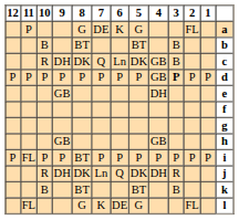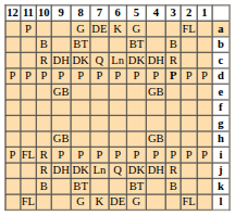 <table style="background:#ffdead; float:right; clear:right; margin-left:1em;" border="1" cellspacing="0">
 <tr style="background:white;">
 <th style="width:17px">12</th>
 <th ! style="width:17px">11</th>
 <th style="width:17px">10</th>
 <th style="width:17px">9</th>
 <th style="width:17px">8</th>
 <th style="width:17px">7</th>
 <th style="width:17px">6</th>
 <th style="width:17px">5</th>
 <th style="width:17px">4</th>
 <th style="width:17px">3</th>
 <th style="width:17px">2</th>
 <th style="width:17px">1</th>
 <th style="width:20px"></th>
 </tr>
 <tr align=center>
 <td></td>
 <td>P</td>
 <td></td>
 <td></td>
 <td>G</td>
 <td>DE</td>
 <td>K</td>
 <td>G</td>
 <td></td>
 <td></td>
 <td>FL</td>
 <td></td>
 <td style="width:15px" style="background:white;"><strong>a</strong></td>
 </tr>
 <tr align=center>
 <td></td>
 <td></td>
 <td>B</td>
 <td></td>
 <td>BT</td>
 <td></td>
 <td></td>
 <td>BT</td>
 <td></td>
 <td>B</td>
 <td></td>
 <td></td>
 <td style="background:white;"><strong>b</strong></td>
 </tr>
 <tr align=center>
 <td></td>
 <td></td>
 <td>R</td>
 <td>DH</td>
 <td>DK</td>
 <td>Q</td>
 <td>Ln</td>
 <td>DK</td>
-<td>GB</td>
-<td>B</td>
+<td>DH</td>
+<td>R</td>
 <td></td>
 <td></td>
 <td style="background:white;"><strong>c</strong></td>
 </tr>
 <tr align=center>
 <td>P</td>
 <td>P</td>
 <td>P</td>
 <td>P</td>
 <td>P</td>
 <td>P</td>
 <td>P</td>
 <td>P</td>
-<td>GB</td>
+<td>P</td>
 <td><strong>P</strong></td>
 <td>P</td>
 <td>P</td>
 <td style="background:white;"><strong>d</strong></td>
 </tr>
 <tr align=center>
 <td></td>
 <td></td>
 <td></td>
 <td>GB</td>
 <td></td>
 <td></td>
 <td></td>
 <td></td>
-<td>DH</td>
+<td>GB</td>
 <td></td>
 <td></td>
 <td></td>
 <td style="background:white;"><strong>e</strong></td>
 </tr>
 <tr align=center>
 <td></td>
 <td></td>
 <td></td>
 <td></td>
 <td></td>
 <td></td>
 <td></td>
 <td></td>
 <td></td>
 <td></td>
 <td></td>
 <td></td>
 <td style="background:white;"><strong>f</strong></td>
 </tr>
 <tr align=center>
 <td></td>
 <td></td>
 <td></td>
 <td></td>
 <td></td>
 <td></td>
 <td></td>
 <td></td>
 <td></td>
 <td></td>
 <td></td>
 <td></td>
 <td style="background:white;"><strong>g</strong></td>
 </tr>
 <tr align=center>
 <td></td>
 <td></td>
 <td></td>
 <td>GB</td>
 <td></td>
 <td></td>
 <td></td>
 <td></td>
 <td>GB</td>
 <td></td>
 <td></td>
 <td></td>
 <td style="background:white;"><strong>h</strong></td>
 </tr>
 <tr align=center>
 <td>P</td>
 <td>FL</td>
+<td>R</td>
 <td>P</td>
 <td>P</td>
-<td>BT</td>
 <td>P</td>
 <td>P</td>
 <td>P</td>
 <td>P</td>
 <td>P</td>
 <td>P</td>
 <td>P</td>
 <td style="background:white;"><strong>i</strong></td>
 </tr>
 <tr align=center>
 <td></td>
 <td></td>
 <td>R</td>
 <td>DH</td>
 <td>DK</td>
 <td>Ln</td>
 <td>Q</td>
 <td>DK</td>
 <td>DH</td>
 <td>R</td>
 <td></td>
 <td></td>
 <td style="background:white;"><strong>j</strong></td>
 </tr>
 <tr align=center>
 <td></td>
 <td></td>
 <td>B</td>
 <td></td>
 <td>BT</td>
 <td></td>
 <td></td>
 <td>BT</td>
 <td></td>
 <td>B</td>
 <td></td>
 <td></td>
 <td style="background:white;"><strong>k</strong></td>
 </tr>
 <tr align=center>
 <td></td>
 <td>FL</td>
 <td></td>
 <td></td>
 <td>G</td>
 <td>K</td>
 <td>DE</td>
 <td>G</td>
 <td></td>
 <td></td>
 <td>FL</td>
 <td></td>
 <td style="background:white;"><strong>l</strong></td>
 </tr>
 </table>
